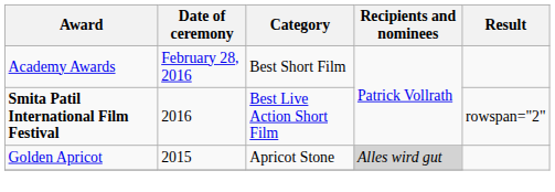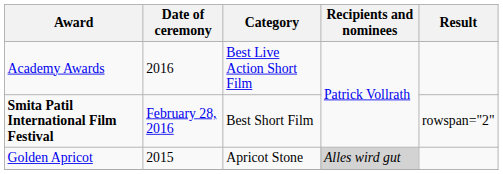 <table class="wikitable sortable" width="65%">
 <tr>
 <th>Award</th>
 <th>Date of ceremony</th>
 <th>Category</th>
 <th>Recipients and nominees</th>
 <th>Result</th>
 </tr>
 <tr>
 <td><a href='#'>Academy Awards</a></td>
-<td><a href='#'>February 28, 2016</a></td>
-<td>Best Short Film</td>
+<td>2016</td>
+<td><a href='#'>Best Live Action Short Film</a></td>
 <td rowspan="2"><a href='#'>Patrick Vollrath</a></td>
 <td></td>
 </tr>
 <tr>
 <td><strong>Smita Patil International Film Festival</strong></td>
-<td>2016</td>
-<td><a href='#'>Best Live Action Short Film</a></td>
+<td><a href='#'>February 28, 2016</a></td>
+<td>Best Short Film</td>
 <td>rowspan="2"</td>
 </tr>
 <tr>
 <td><a href='#'>Golden Apricot</a></td>
 <td>2015</td>
 <td>Apricot Stone</td>
 <td style="background: lightgrey;"><em>Alles wird gut</em></td>
 </tr>
 <tr>
 </tr>
 </table>
